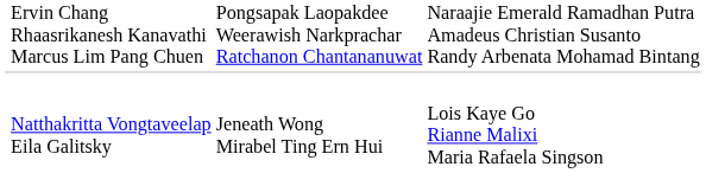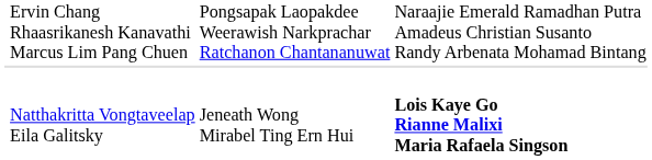 <table>
 <tr>
 <td></td>
 <td></td>
 <td></td>
 <td></td>
 </tr>
 <tr>
 <td></td>
 <td><br>Ervin Chang <br>Rhaasrikanesh Kanavathi <br>Marcus Lim Pang Chuen</td>
 <td><br>Pongsapak Laopakdee <br>Weerawish Narkprachar <br><a href='#'>Ratchanon Chantananuwat</a></td>
 <td><br>Naraajie Emerald Ramadhan Putra <br>Amadeus Christian Susanto <br>Randy Arbenata Mohamad Bintang</td>
 </tr>
 <tr style="background:#dddddd;">
 <td colspan=7></td>
 </tr>
 <tr>
 <td></td>
 <td></td>
 <td></td>
 <td></td>
 </tr>
 <tr>
 <td></td>
 <td><br><a href='#'>Natthakritta Vongtaveelap</a><br>Eila Galitsky</td>
 <td><br>Jeneath Wong<br>Mirabel Ting Ern Hui</td>
-<td><br>Lois Kaye Go<br><a href='#'>Rianne Malixi</a><br>Maria Rafaela Singson</td>
+<td><strong><br>Lois Kaye Go<br><a href='#'>Rianne Malixi</a><br>Maria Rafaela Singson</strong></td>
 </tr>
 </table>
